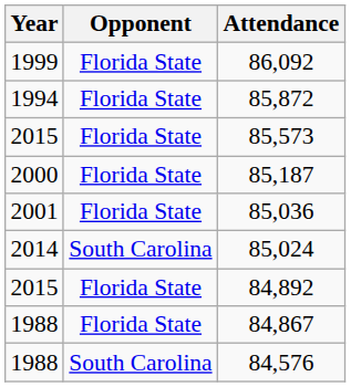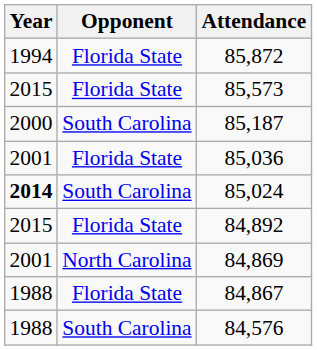 <table class="wikitable" style="text-align:center">
 <tr>
 <th>Year</th>
 <th>Opponent</th>
 <th>Attendance</th>
-</tr>
-<tr>
-<td>1999</td>
-<td><a href='#'>Florida State</a></td>
-<td>86,092</td>
 </tr>
 <tr>
 <td>1994</td>
 <td><a href='#'>Florida State</a></td>
 <td>85,872</td>
 </tr>
 <tr>
 <td>2015</td>
 <td><a href='#'>Florida State</a></td>
 <td>85,573</td>
 </tr>
 <tr>
 <td>2000</td>
-<td><a href='#'>Florida State</a></td>
+<td><a href='#'>South Carolina</a></td>
 <td>85,187</td>
 </tr>
 <tr>
 <td>2001</td>
 <td><a href='#'>Florida State</a></td>
 <td>85,036</td>
 </tr>
 <tr>
-<td>2014</td>
+<td><strong>2014</strong></td>
 <td><a href='#'>South Carolina</a></td>
 <td>85,024</td>
 </tr>
 <tr>
 <td>2015</td>
 <td><a href='#'>Florida State</a></td>
 <td>84,892</td>
+</tr>
+<tr>
+<td>2001</td>
+<td><a href='#'>North Carolina</a></td>
+<td>84,869</td>
 </tr>
 <tr>
 <td>1988</td>
 <td><a href='#'>Florida State</a></td>
 <td>84,867</td>
 </tr>
 <tr>
 <td>1988</td>
 <td><a href='#'>South Carolina</a></td>
 <td>84,576</td>
 </tr>
 </table>
